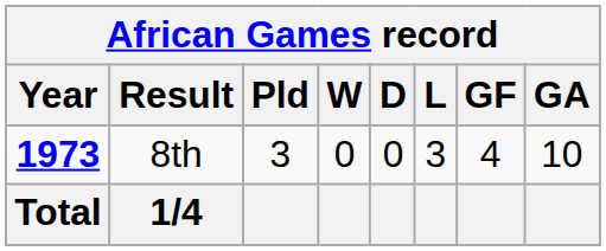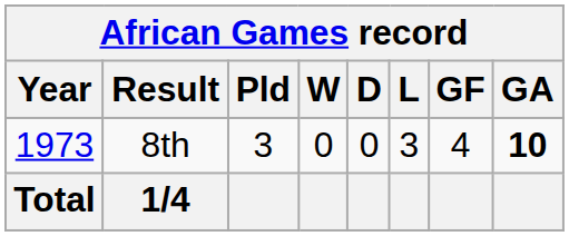 <table class="wikitable" style="text-align: center;">
 <tr>
 <th colspan=9><a href='#'>African Games</a> record</th>
 </tr>
 <tr>
 <th>Year</th>
 <th>Result</th>
 <th>Pld</th>
 <th>W</th>
 <th>D</th>
 <th>L</th>
 <th>GF</th>
 <th>GA</th>
 </tr>
 <tr>
-<td><strong> <a href='#'>1973</a></strong></td>
+<td> <a href='#'>1973</a></td>
 <td>8th</td>
 <td>3</td>
 <td>0</td>
 <td>0</td>
 <td>3</td>
 <td>4</td>
-<td>10</td>
+<td><strong>10</strong></td>
 </tr>
 <tr>
 <th>Total</th>
 <th>1/4</th>
 <th></th>
 <th></th>
 <th></th>
 <th></th>
 <th></th>
 <th></th>
 </tr>
 </table>
